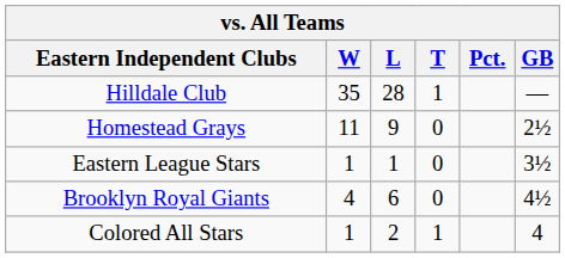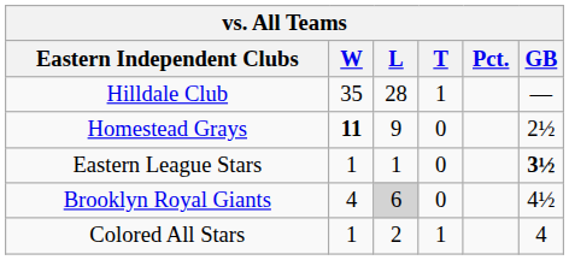 <table class="wikitable" width="400em" style="text-align:center;">
 <tr>
 <th colspan="6">vs. All Teams</th>
 </tr>
 <tr>
 <th width="58%">Eastern Independent Clubs</th>
 <th width="8%"><a href='#'>W</a></th>
 <th width="8%"><a href='#'>L</a></th>
 <th width="8%"><a href='#'>T</a></th>
 <th width="10%"><a href='#'>Pct.</a></th>
 <th width="8%"><a href='#'>GB</a></th>
 </tr>
 <tr>
 <td><a href='#'>Hilldale Club</a></td>
 <td>35</td>
 <td>28</td>
 <td>1</td>
 <td></td>
 <td>—</td>
 </tr>
 <tr>
 <td><a href='#'>Homestead Grays</a></td>
-<td>11</td>
+<td><strong>11</strong></td>
 <td>9</td>
 <td>0</td>
 <td></td>
 <td>2½</td>
 </tr>
 <tr>
 <td>Eastern League Stars</td>
 <td>1</td>
 <td>1</td>
 <td>0</td>
 <td></td>
-<td>3½</td>
+<td><strong>3½</strong></td>
 </tr>
 <tr>
 <td><a href='#'>Brooklyn Royal Giants</a></td>
 <td>4</td>
-<td>6</td>
+<td style="background: lightgrey;">6</td>
 <td>0</td>
 <td></td>
 <td>4½</td>
 </tr>
 <tr>
 <td>Colored All Stars</td>
 <td>1</td>
 <td>2</td>
 <td>1</td>
 <td></td>
 <td>4</td>
 </tr>
 </table>
